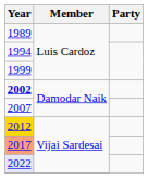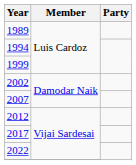 <table class="wikitable sortable">
 <tr>
 <th>Year</th>
 <th>Member</th>
 <th colspan="2">Party</th>
 </tr>
 <tr>
 <td><a href='#'>1989</a></td>
 <td rowspan=3>Luis Cardoz</td>
 <td></td>
 </tr>
 <tr>
 <td><a href='#'>1994</a></td>
 </tr>
 <tr>
 <td><a href='#'>1999</a></td>
 </tr>
 <tr>
-<td><strong><a href='#'>2002</a></strong></td>
+<td><a href='#'>2002</a></td>
 <td rowspan=2><a href='#'>Damodar Naik</a></td>
 <td></td>
 </tr>
 <tr>
 <td><a href='#'>2007</a></td>
 </tr>
 <tr>
-<td style="background: gold;"><a href='#'>2012</a></td>
+<td><a href='#'>2012</a></td>
 <td rowspan=3><a href='#'>Vijai Sardesai</a></td>
 <td></td>
 </tr>
 <tr>
-<td style="background: lightsalmon;"><a href='#'>2017</a></td>
+<td><a href='#'>2017</a></td>
 <td></td>
 </tr>
 <tr>
-<td style="background: lavender;"><a href='#'>2022</a></td>
+<td><a href='#'>2022</a></td>
 </tr>
 <tr>
 </tr>
 </table>
